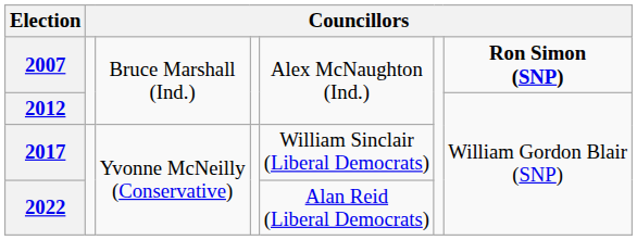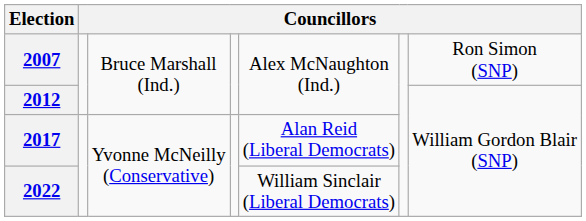 <table class="wikitable" style="text-align:center">
 <tr>
 <th>Election</th>
 <th colspan=8>Councillors</th>
 </tr>
 <tr>
 <th><a href='#'>2007</a></th>
 <td rowspan=2; style="background-color: "></td>
 <td rowspan=2>Bruce Marshall<br>(Ind.)</td>
 <td rowspan=2; style="background-color: "></td>
 <td rowspan=2>Alex McNaughton<br>(Ind.)</td>
 <td rowspan=4; style="background-color: "></td>
-<td rowspan=1><strong>Ron Simon<br>(<a href='#'>SNP</a>)</strong></td>
+<td rowspan=1>Ron Simon<br>(<a href='#'>SNP</a>)</td>
 </tr>
 <tr>
 <th><a href='#'>2012</a></th>
 <td rowspan=3>William Gordon Blair<br>(<a href='#'>SNP</a>)</td>
 </tr>
 <tr>
 <th><a href='#'>2017</a></th>
 <td rowspan=2; style="background-color: "></td>
 <td rowspan=2>Yvonne McNeilly<br>(<a href='#'>Conservative</a>)</td>
 <td rowspan=2; style="background-color: "></td>
-<td rowspan=1>William Sinclair<br>(<a href='#'>Liberal Democrats</a>)</td>
+<td rowspan=1><a href='#'>Alan Reid</a><br>(<a href='#'>Liberal Democrats</a>)</td>
 </tr>
 <tr>
 <th><a href='#'>2022</a></th>
-<td rowspan=1><a href='#'>Alan Reid</a><br>(<a href='#'>Liberal Democrats</a>)</td>
+<td rowspan=1>William Sinclair<br>(<a href='#'>Liberal Democrats</a>)</td>
 </tr>
 </table>
